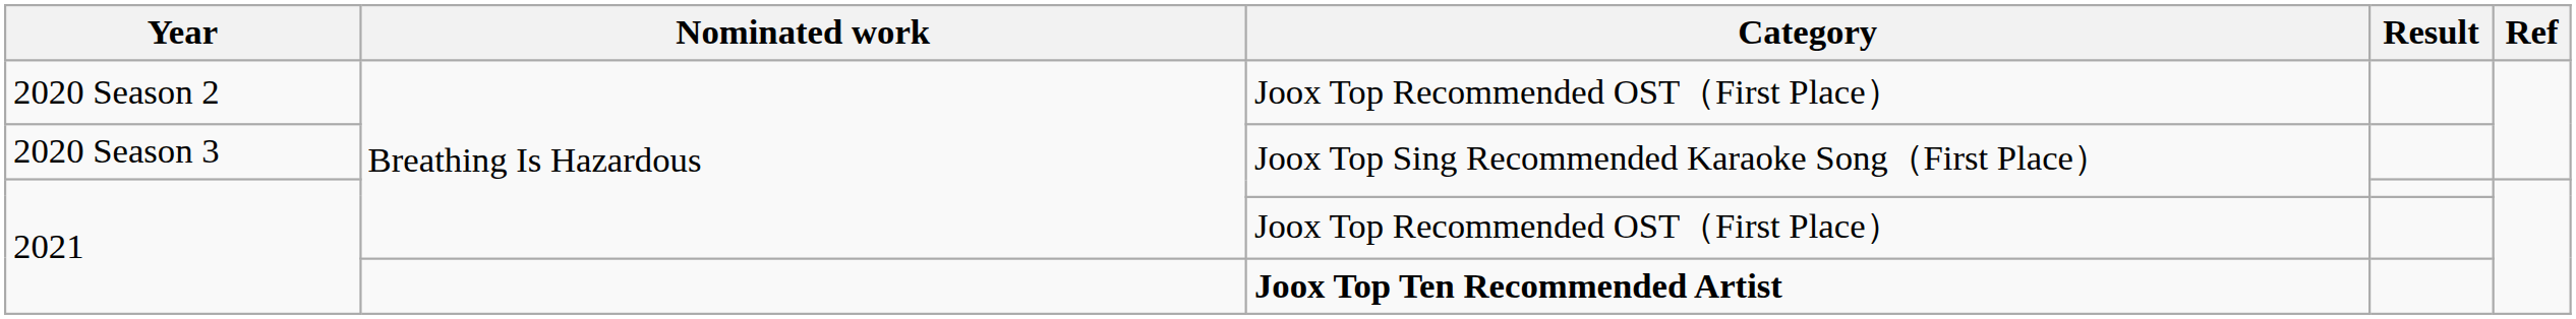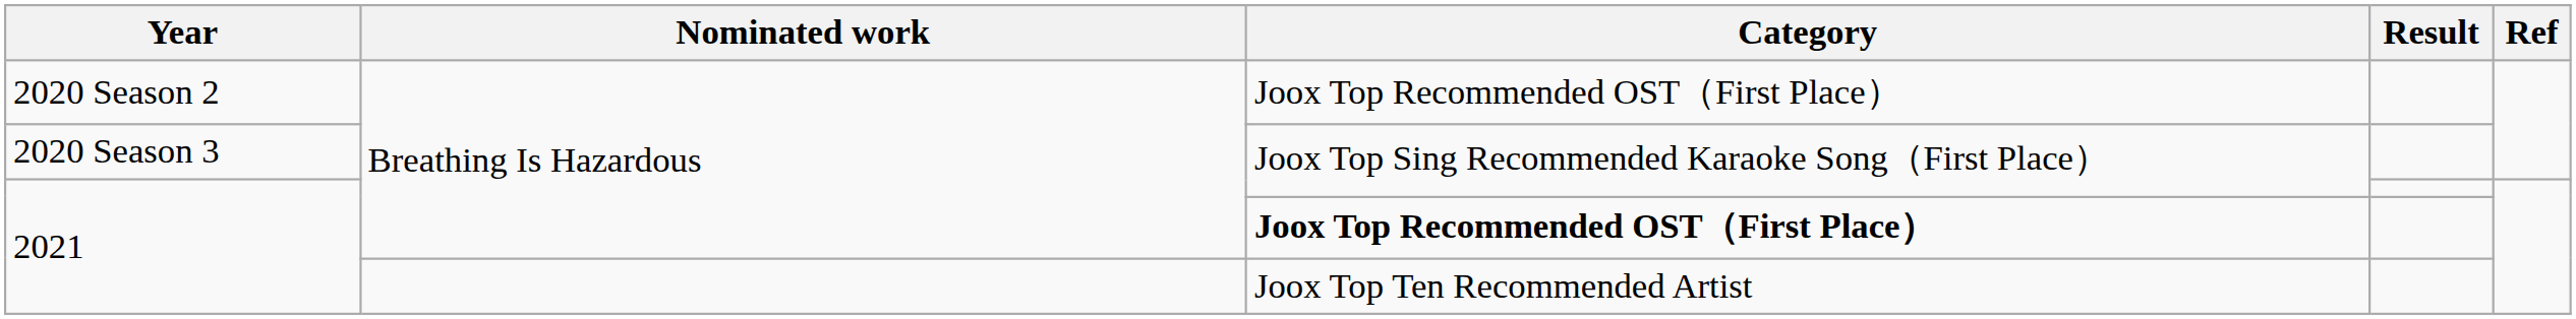 <table class="wikitable"  width="92%">
 <tr>
 <th width="12%">Year</th>
 <th width="30%">Nominated work</th>
 <th width="38%">Category</th>
 <th width="3%">Result</th>
 <th width="2%">Ref</th>
 </tr>
 <tr>
 <td>2020 Season 2</td>
 <td rowspan=4>Breathing Is Hazardous</td>
 <td>Joox Top Recommended OST（First Place）</td>
 <td></td>
 </tr>
 <tr>
 <td>2020 Season 3</td>
 <td rowspan=2>Joox Top Sing Recommended Karaoke Song（First Place）</td>
 <td></td>
 </tr>
 <tr>
 <td rowspan=3>2021</td>
 <td></td>
 <td rowspan=3></td>
 </tr>
 <tr>
-<td>Joox Top Recommended OST（First Place）</td>
+<td><strong>Joox Top Recommended OST（First Place）</strong></td>
 <td></td>
 </tr>
 <tr>
 <td></td>
-<td><strong>Joox Top Ten Recommended Artist</strong></td>
+<td>Joox Top Ten Recommended Artist</td>
 <td></td>
 </tr>
 </table>
